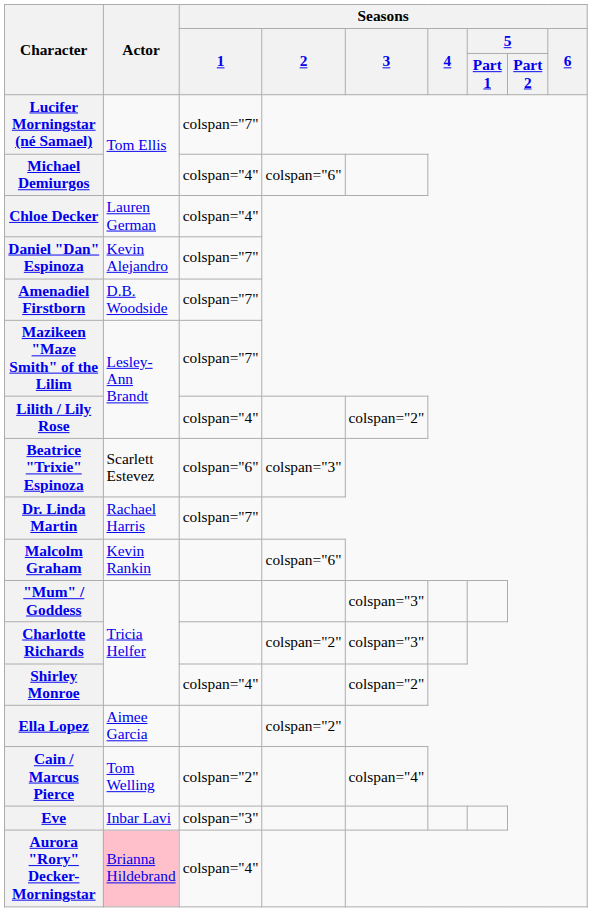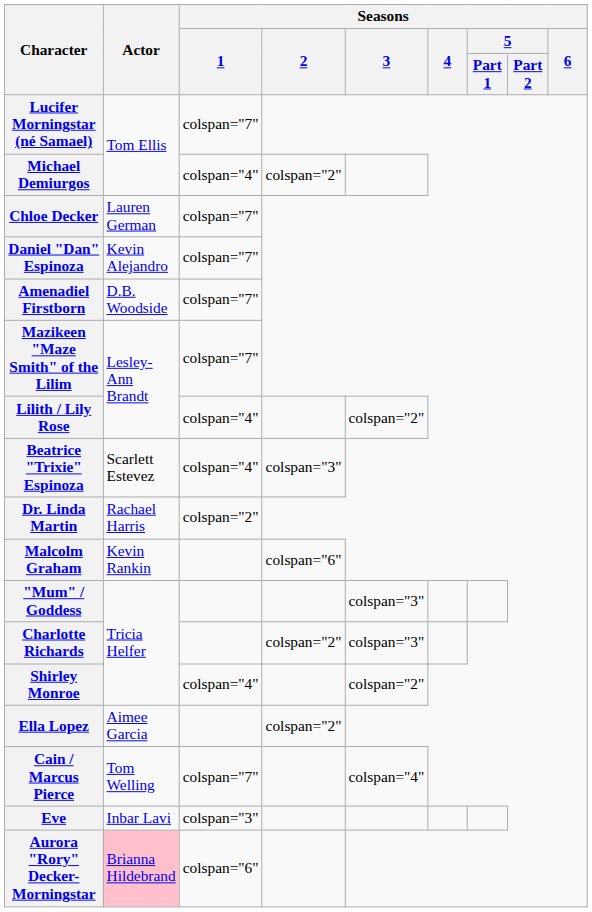 <table class="wikitable">
 <tr>
 <th style="width:17%;" rowspan="3">Character</th>
 <th style="width:11%;" rowspan="3">Actor</th>
 <th colspan="7">Seasons</th>
 </tr>
 <tr>
 <th rowspan="2" style="width:7%;"><a href='#'>1</a></th>
 <th rowspan="2" style="width:7%;"><a href='#'>2</a></th>
 <th rowspan="2" style="width:7%;"><a href='#'>3</a></th>
 <th rowspan="2" style="width:7%;"><a href='#'>4</a></th>
 <th colspan="2"><a href='#'>5</a></th>
 <th rowspan="2" style="width:7%;"><a href='#'>6</a></th>
 </tr>
 <tr>
 <th style="width:7%;"><a href='#'>Part 1</a></th>
 <th style="width:7%;"><a href='#'>Part 2</a></th>
 </tr>
 <tr>
 <th><a href='#'>Lucifer Morningstar (né Samael)</a></th>
 <td rowspan="2"><a href='#'>Tom Ellis</a></td>
 <td>colspan="7" </td>
 </tr>
 <tr>
 <th><a href='#'>Michael Demiurgos</a></th>
 <td>colspan="4" </td>
-<td>colspan="6" </td>
+<td>colspan="2" </td>
 <td></td>
 </tr>
 <tr>
 <th><a href='#'>Chloe Decker</a></th>
 <td><a href='#'>Lauren German</a></td>
-<td>colspan="4" </td>
+<td>colspan="7" </td>
 </tr>
 <tr>
 <th><a href='#'>Daniel "Dan" Espinoza</a></th>
 <td><a href='#'>Kevin Alejandro</a></td>
 <td>colspan="7" </td>
 </tr>
 <tr>
 <th><a href='#'>Amenadiel Firstborn</a></th>
 <td><a href='#'>D.B. Woodside</a></td>
 <td>colspan="7" </td>
 </tr>
 <tr>
 <th><a href='#'>Mazikeen "Maze Smith" of the Lilim</a></th>
 <td rowspan="2"><a href='#'>Lesley-Ann Brandt</a></td>
 <td>colspan="7" </td>
 </tr>
 <tr>
 <th><a href='#'>Lilith / Lily Rose</a></th>
 <td>colspan="4" </td>
 <td></td>
 <td>colspan="2" </td>
 </tr>
 <tr>
 <th><a href='#'>Beatrice "Trixie" Espinoza</a></th>
 <td>Scarlett Estevez</td>
-<td>colspan="6" </td>
+<td>colspan="4" </td>
 <td>colspan="3" </td>
 </tr>
 <tr>
 <th><a href='#'>Dr. Linda Martin</a></th>
 <td><a href='#'>Rachael Harris</a></td>
-<td>colspan="7" </td>
+<td>colspan="2" </td>
 </tr>
 <tr>
 <th><a href='#'>Malcolm Graham</a></th>
 <td><a href='#'>Kevin Rankin</a></td>
 <td></td>
 <td>colspan="6" </td>
 </tr>
 <tr>
 <th><a href='#'>"Mum" / Goddess</a></th>
 <td rowspan="3"><a href='#'>Tricia Helfer</a></td>
 <td></td>
 <td></td>
 <td>colspan="3" </td>
 <td></td>
 <td></td>
 </tr>
 <tr>
 <th><a href='#'>Charlotte Richards</a></th>
 <td></td>
 <td>colspan="2" </td>
 <td>colspan="3" </td>
 <td></td>
 </tr>
 <tr>
 <th><a href='#'>Shirley Monroe</a></th>
 <td>colspan="4" </td>
 <td></td>
 <td>colspan="2" </td>
 </tr>
 <tr>
 <th><a href='#'>Ella Lopez</a></th>
 <td><a href='#'>Aimee Garcia</a></td>
 <td></td>
 <td>colspan="2" </td>
 </tr>
 <tr>
 <th><a href='#'>Cain / Marcus Pierce</a></th>
 <td><a href='#'>Tom Welling</a></td>
-<td>colspan="2" </td>
+<td>colspan="7" </td>
 <td></td>
 <td>colspan="4" </td>
 </tr>
 <tr>
 <th><a href='#'>Eve</a></th>
 <td><a href='#'>Inbar Lavi</a></td>
 <td>colspan="3" </td>
 <td></td>
 <td></td>
 <td></td>
 <td></td>
 </tr>
 <tr>
 <th><a href='#'>Aurora "Rory" Decker-Morningstar</a></th>
 <td style="background: pink;"><a href='#'>Brianna Hildebrand</a></td>
-<td>colspan="4" </td>
+<td>colspan="6" </td>
 <td></td>
 </tr>
 </table>
